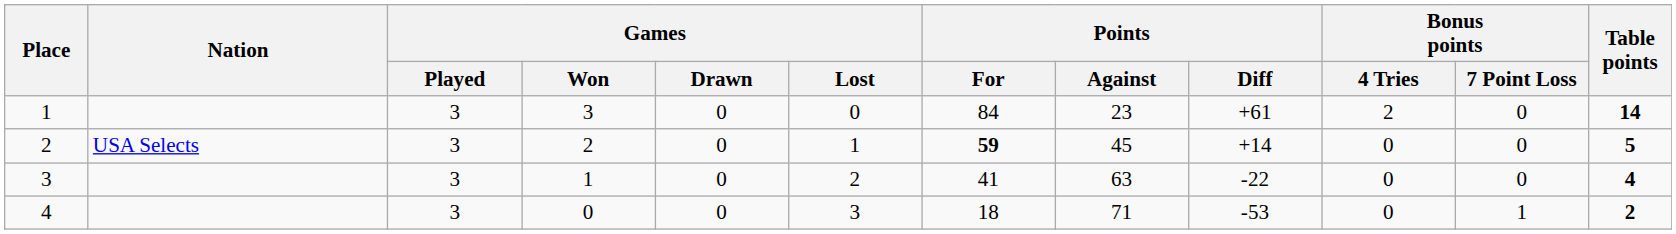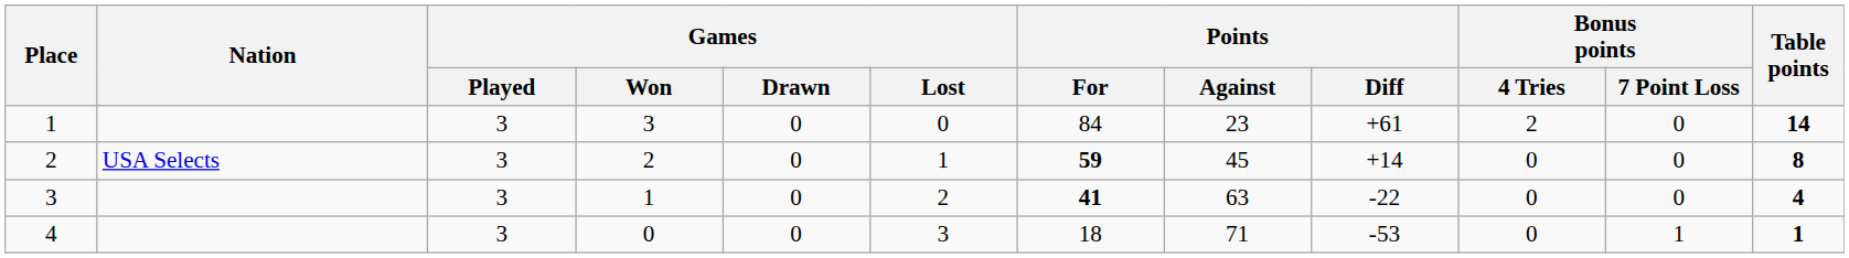 <table class="wikitable" style="width:100%;">
 <tr>
 <th rowspan="2" style="width:5%;">Place</th>
 <th rowspan="2" style="width:18%;">Nation</th>
 <th colspan="4" style="width:32%;">Games</th>
 <th colspan="3" style="width:18%;">Points</th>
 <th colspan="2" style="width:16%;">Bonus<br>points</th>
 <th rowspan="2" style="width:10%;">Table<br>points</th>
 </tr>
 <tr>
 <th style="width:8%;">Played</th>
 <th style="width:8%;">Won</th>
 <th style="width:8%;">Drawn</th>
 <th style="width:8%;">Lost</th>
 <th style="width:8%;">For</th>
 <th style="width:8%;">Against</th>
 <th style="width:8%;">Diff</th>
 <th style="width:8%;">4 Tries</th>
 <th style="width:8%;">7 Point Loss</th>
 </tr>
 <tr align=center>
 <td>1</td>
 <td align=left></td>
 <td>3</td>
 <td>3</td>
 <td>0</td>
 <td>0</td>
 <td>84</td>
 <td>23</td>
 <td>+61</td>
 <td>2</td>
 <td>0</td>
 <td><strong>14</strong></td>
 </tr>
 <tr align=center>
 <td>2</td>
 <td align=left> <a href='#'>USA Selects</a></td>
 <td>3</td>
 <td>2</td>
 <td>0</td>
 <td>1</td>
 <td><strong>59</strong></td>
 <td>45</td>
 <td>+14</td>
 <td>0</td>
 <td>0</td>
-<td><strong>5</strong></td>
+<td><strong>8</strong></td>
 </tr>
 <tr align=center>
 <td>3</td>
 <td align=left></td>
 <td>3</td>
 <td>1</td>
 <td>0</td>
 <td>2</td>
-<td>41</td>
+<td><strong>41</strong></td>
 <td>63</td>
 <td>-22</td>
 <td>0</td>
 <td>0</td>
 <td><strong>4</strong></td>
 </tr>
 <tr align=center>
 <td>4</td>
 <td align=left></td>
 <td>3</td>
 <td>0</td>
 <td>0</td>
 <td>3</td>
 <td>18</td>
 <td>71</td>
 <td>-53</td>
 <td>0</td>
 <td>1</td>
-<td><strong>2</strong></td>
+<td><strong>1</strong></td>
 </tr>
 </table>
